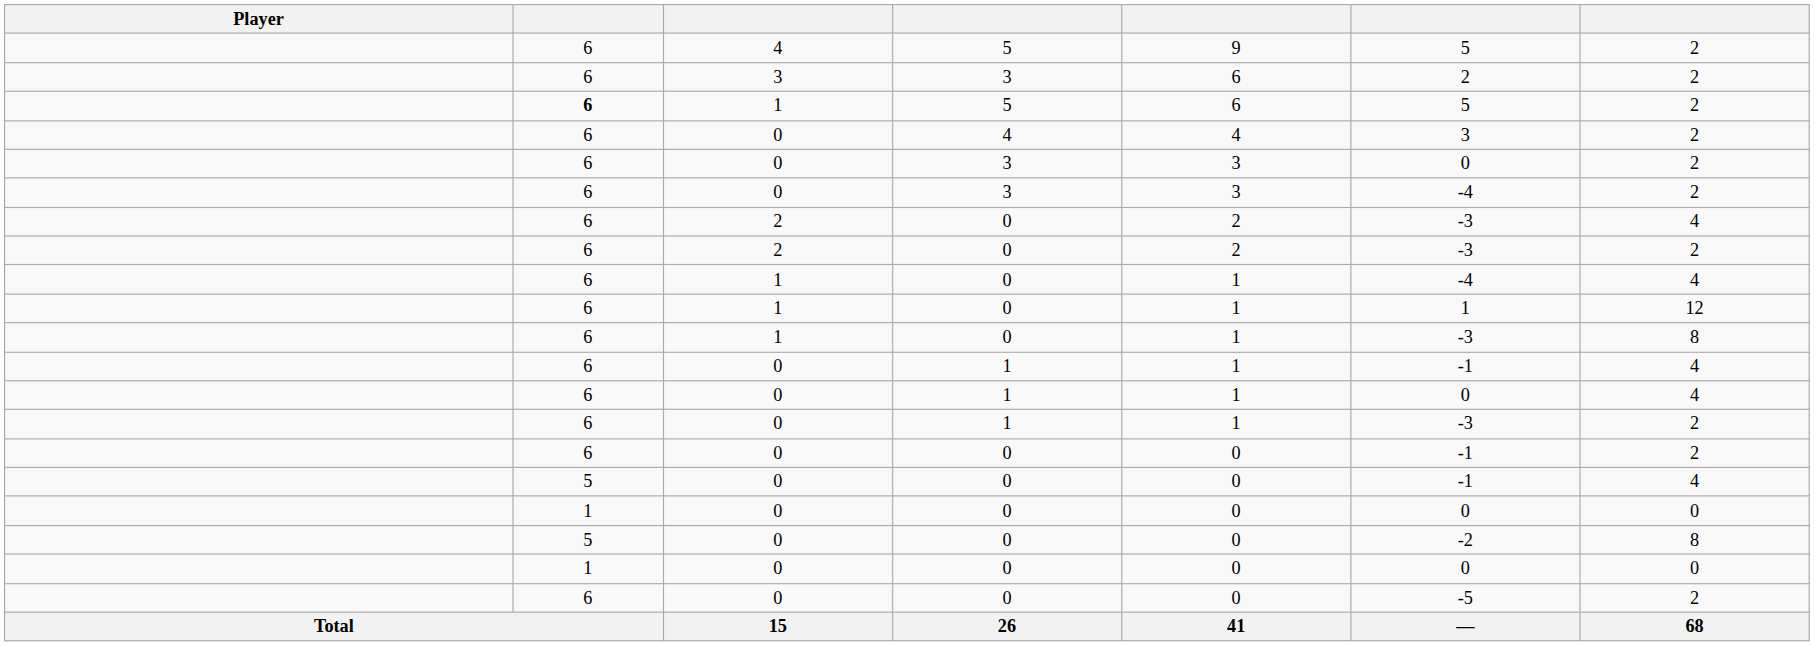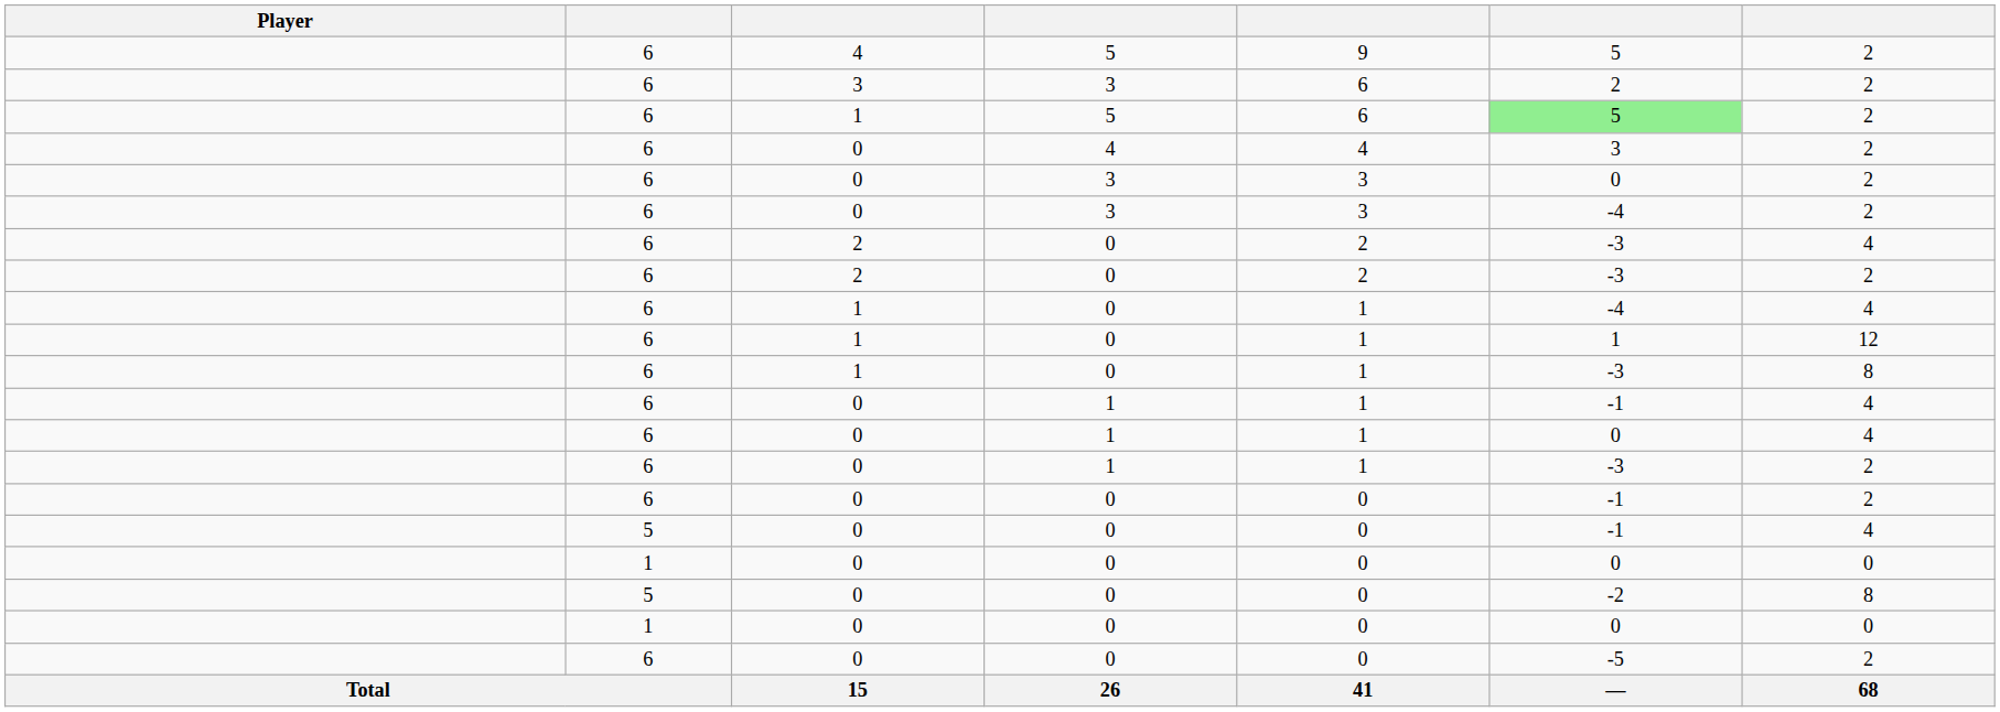 <table class="wikitable sortable" style="width:100%; text-align:center;">
 <tr>
 <th>Player</th>
 <th></th>
 <th></th>
 <th></th>
 <th></th>
 <th data-sort-type="number"></th>
 <th></th>
 </tr>
 <tr>
 <td></td>
 <td>6</td>
 <td>4</td>
 <td>5</td>
 <td>9</td>
 <td>5</td>
 <td>2</td>
 </tr>
 <tr>
 <td></td>
 <td>6</td>
 <td>3</td>
 <td>3</td>
 <td>6</td>
 <td>2</td>
 <td>2</td>
 </tr>
 <tr>
 <td></td>
-<td><strong>6</strong></td>
+<td>6</td>
 <td>1</td>
 <td>5</td>
 <td>6</td>
-<td>5</td>
+<td style="background: lightgreen;">5</td>
 <td>2</td>
 </tr>
 <tr>
 <td></td>
 <td>6</td>
 <td>0</td>
 <td>4</td>
 <td>4</td>
 <td>3</td>
 <td>2</td>
 </tr>
 <tr>
 <td></td>
 <td>6</td>
 <td>0</td>
 <td>3</td>
 <td>3</td>
 <td>0</td>
 <td>2</td>
 </tr>
 <tr>
 <td></td>
 <td>6</td>
 <td>0</td>
 <td>3</td>
 <td>3</td>
 <td>-4</td>
 <td>2</td>
 </tr>
 <tr>
 <td></td>
 <td>6</td>
 <td>2</td>
 <td>0</td>
 <td>2</td>
 <td>-3</td>
 <td>4</td>
 </tr>
 <tr>
 <td></td>
 <td>6</td>
 <td>2</td>
 <td>0</td>
 <td>2</td>
 <td>-3</td>
 <td>2</td>
 </tr>
 <tr>
 <td></td>
 <td>6</td>
 <td>1</td>
 <td>0</td>
 <td>1</td>
 <td>-4</td>
 <td>4</td>
 </tr>
 <tr>
 <td></td>
 <td>6</td>
 <td>1</td>
 <td>0</td>
 <td>1</td>
 <td>1</td>
 <td>12</td>
 </tr>
 <tr>
 <td></td>
 <td>6</td>
 <td>1</td>
 <td>0</td>
 <td>1</td>
 <td>-3</td>
 <td>8</td>
 </tr>
 <tr>
 <td></td>
 <td>6</td>
 <td>0</td>
 <td>1</td>
 <td>1</td>
 <td>-1</td>
 <td>4</td>
 </tr>
 <tr>
 <td></td>
 <td>6</td>
 <td>0</td>
 <td>1</td>
 <td>1</td>
 <td>0</td>
 <td>4</td>
 </tr>
 <tr>
 <td></td>
 <td>6</td>
 <td>0</td>
 <td>1</td>
 <td>1</td>
 <td>-3</td>
 <td>2</td>
 </tr>
 <tr>
 <td></td>
 <td>6</td>
 <td>0</td>
 <td>0</td>
 <td>0</td>
 <td>-1</td>
 <td>2</td>
 </tr>
 <tr>
 <td></td>
 <td>5</td>
 <td>0</td>
 <td>0</td>
 <td>0</td>
 <td>-1</td>
 <td>4</td>
 </tr>
 <tr>
 <td></td>
 <td>1</td>
 <td>0</td>
 <td>0</td>
 <td>0</td>
 <td>0</td>
 <td>0</td>
 </tr>
 <tr>
 <td></td>
 <td>5</td>
 <td>0</td>
 <td>0</td>
 <td>0</td>
 <td>-2</td>
 <td>8</td>
 </tr>
 <tr>
 <td></td>
 <td>1</td>
 <td>0</td>
 <td>0</td>
 <td>0</td>
 <td>0</td>
 <td>0</td>
 </tr>
 <tr>
 <td></td>
 <td>6</td>
 <td>0</td>
 <td>0</td>
 <td>0</td>
 <td>-5</td>
 <td>2</td>
 </tr>
 <tr class="sortbottom">
 <th colspan=2>Total</th>
 <th>15</th>
 <th>26</th>
 <th>41</th>
 <th>—</th>
 <th>68</th>
 </tr>
 </table>
